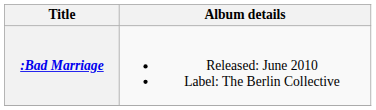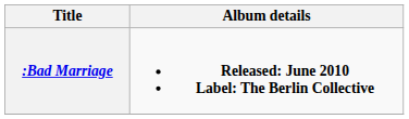 <table class="wikitable plainrowheaders" style="text-align:center;">
 <tr>
 <th scope="col" style="width:8em;">Title</th>
 <th scope="col" style="width:18em;">Album details</th>
 </tr>
 <tr>
 <th scope="row"><em><a href='#'>:Bad Marriage</a></em></th>
-<td><br><ul><li>Released: June 2010</li><li>Label: The Berlin Collective</li></ul></td>
+<td><strong><br><ul><li>Released: June 2010</li><li>Label: The Berlin Collective</li></ul></strong></td>
 </tr>
 <tr>
 </tr>
 </table>
